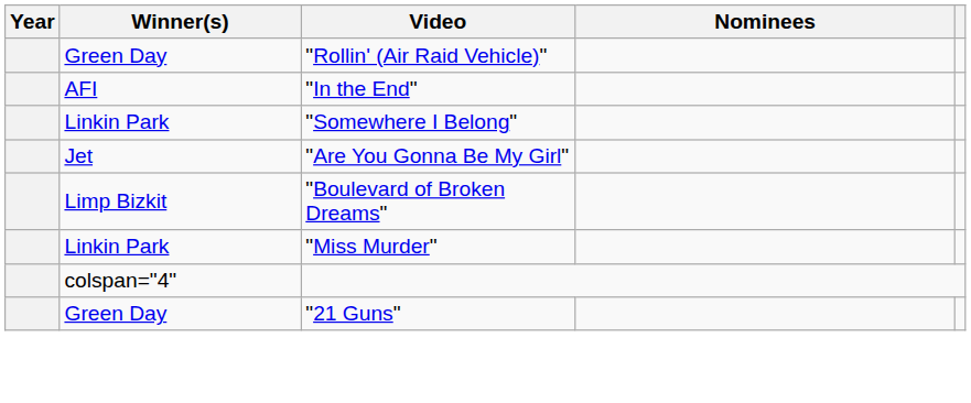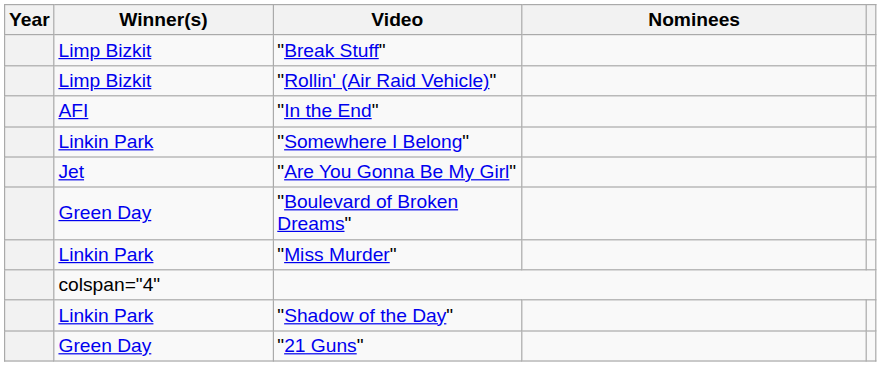 <table class="wikitable sortable">
 <tr>
 <th scope="col">Year</th>
 <th scope="col" style="width:175px;">Winner(s)</th>
 <th scope="col" style="width:200px;">Video</th>
 <th scope="col" style="width:280px;">Nominees</th>
 <th scope="col" class="unsortable"></th>
 </tr>
 <tr>
 <th scope="row"></th>
-<td><a href='#'>Green Day</a></td>
+<td><a href='#'>Limp Bizkit</a></td>
+<td>"<a href='#'>Break Stuff</a>"</td>
+<td></td>
+<td align="center"></td>
+</tr>
+<tr>
+<th scope="row"></th>
+<td><a href='#'>Limp Bizkit</a></td>
 <td>"<a href='#'>Rollin' (Air Raid Vehicle)</a>"</td>
 <td></td>
 <td align="center"></td>
 </tr>
 <tr>
 <th scope="row"></th>
 <td><a href='#'>AFI</a></td>
 <td>"<a href='#'>In the End</a>"</td>
 <td></td>
 <td align="center"></td>
 </tr>
 <tr>
 <th scope="row"></th>
 <td><a href='#'>Linkin Park</a></td>
 <td>"<a href='#'>Somewhere I Belong</a>"</td>
 <td></td>
 <td align="center"></td>
 </tr>
 <tr>
 <th scope="row"></th>
 <td><a href='#'>Jet</a></td>
 <td>"<a href='#'>Are You Gonna Be My Girl</a>"</td>
 <td></td>
 <td align="center"></td>
 </tr>
 <tr>
 <th scope="row"></th>
-<td><a href='#'>Limp Bizkit</a></td>
+<td><a href='#'>Green Day</a></td>
 <td>"<a href='#'>Boulevard of Broken Dreams</a>"</td>
 <td></td>
 <td align="center"></td>
 </tr>
 <tr>
 <th scope="row"></th>
 <td><a href='#'>Linkin Park</a></td>
 <td>"<a href='#'>Miss Murder</a>"</td>
 <td></td>
 <td align="center"></td>
 </tr>
 <tr>
 <th scope="row"></th>
 <td>colspan="4" </td>
 </tr>
 <tr>
 <th scope="row"></th>
+<td><a href='#'>Linkin Park</a></td>
+<td>"<a href='#'>Shadow of the Day</a>"</td>
+<td></td>
+<td align="center"></td>
+</tr>
+<tr>
+<th scope="row"></th>
 <td><a href='#'>Green Day</a></td>
 <td>"<a href='#'>21 Guns</a>"</td>
 <td></td>
 <td align="center"></td>
 </tr>
 </table>
